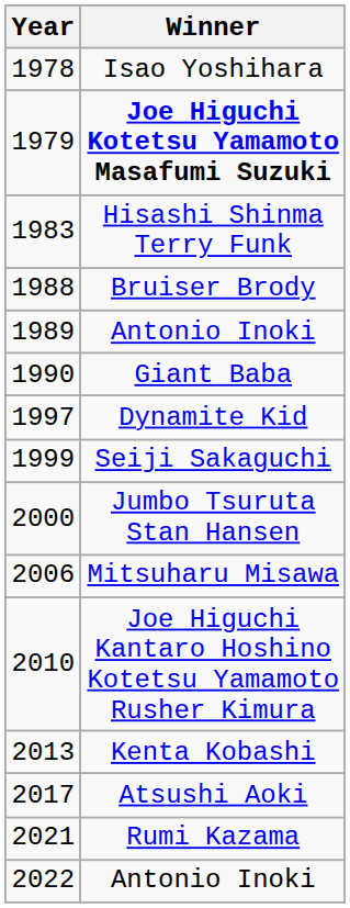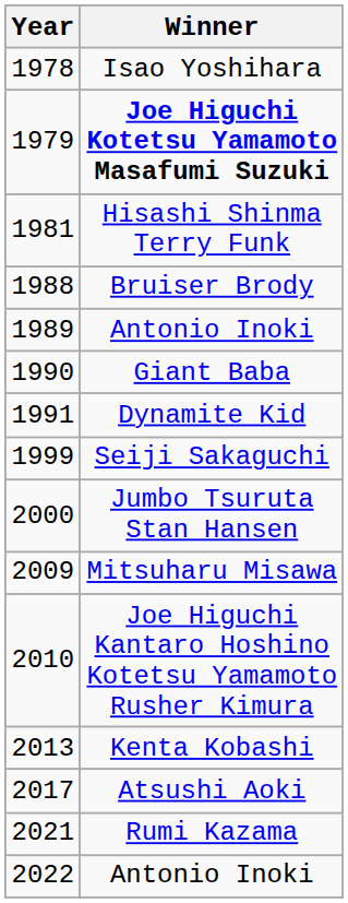 <table class="wikitable sortable" style="text-align: center">
 <tr>
 <th>Year</th>
 <th>Winner</th>
 </tr>
 <tr>
 <td>1978</td>
 <td>Isao Yoshihara</td>
 </tr>
 <tr>
 <td>1979</td>
 <td><strong><a href='#'>Joe Higuchi</a><br><a href='#'>Kotetsu Yamamoto</a><br>Masafumi Suzuki</strong></td>
 </tr>
 <tr>
-<td>1983</td>
+<td>1981</td>
 <td><a href='#'>Hisashi Shinma</a><br><a href='#'>Terry Funk</a></td>
 </tr>
 <tr>
 <td>1988</td>
 <td><a href='#'>Bruiser Brody</a></td>
 </tr>
 <tr>
 <td>1989</td>
 <td><a href='#'>Antonio Inoki</a></td>
 </tr>
 <tr>
 <td>1990</td>
 <td><a href='#'>Giant Baba</a></td>
 </tr>
 <tr>
-<td>1997</td>
+<td>1991</td>
 <td><a href='#'>Dynamite Kid</a></td>
 </tr>
 <tr>
 <td>1999</td>
 <td><a href='#'>Seiji Sakaguchi</a></td>
 </tr>
 <tr>
 <td>2000</td>
 <td><a href='#'>Jumbo Tsuruta</a><br><a href='#'>Stan Hansen</a></td>
 </tr>
 <tr>
-<td>2006</td>
+<td>2009</td>
 <td><a href='#'>Mitsuharu Misawa</a></td>
 </tr>
 <tr>
 <td>2010</td>
 <td><a href='#'>Joe Higuchi</a><br><a href='#'>Kantaro Hoshino</a><br><a href='#'>Kotetsu Yamamoto</a><br><a href='#'>Rusher Kimura</a></td>
 </tr>
 <tr>
 <td>2013</td>
 <td><a href='#'>Kenta Kobashi</a></td>
 </tr>
 <tr>
 <td>2017</td>
 <td><a href='#'>Atsushi Aoki</a></td>
 </tr>
 <tr>
 <td>2021</td>
 <td><a href='#'>Rumi Kazama</a></td>
 </tr>
 <tr>
 <td>2022</td>
 <td>Antonio Inoki</td>
 </tr>
 </table>
